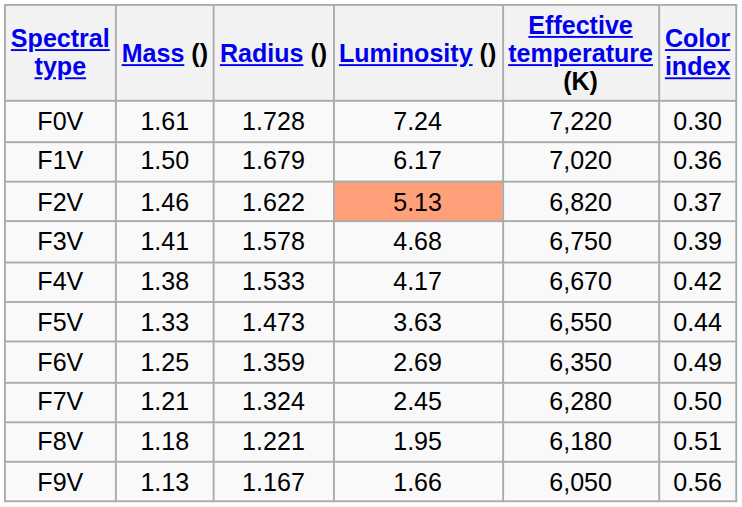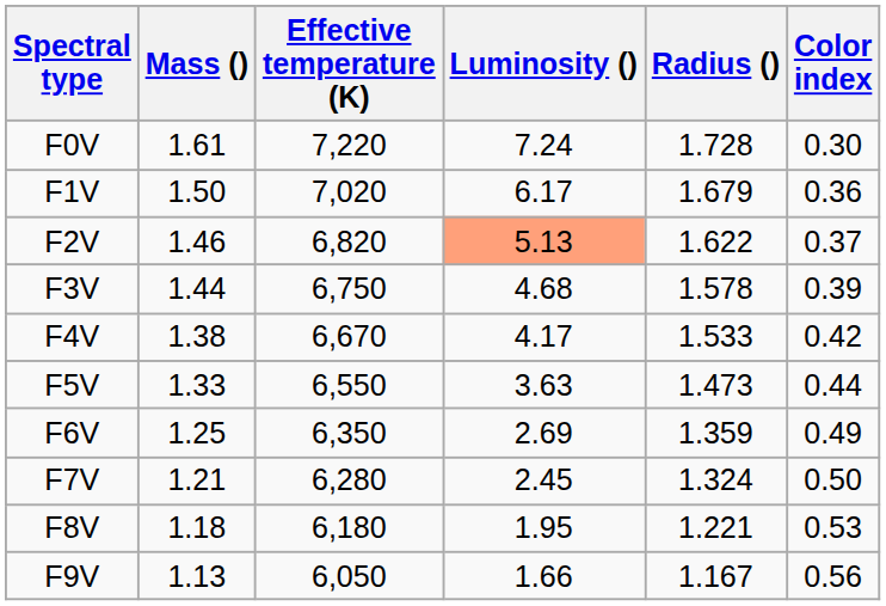 <table class="wikitable floatright" style="text-align:center; font-size:smaller;">
 <tr>
 <th><a href='#'>Spectral<br>type</a></th>
 <th><a href='#'>Mass</a> ()</th>
+<th><a href='#'>Effective<br>temperature</a><br>(K)</th>
+<th><a href='#'>Luminosity</a> ()</th>
 <th><a href='#'>Radius</a> ()</th>
-<th><a href='#'>Luminosity</a> ()</th>
-<th><a href='#'>Effective<br>temperature</a><br>(K)</th>
 <th><a href='#'>Color<br>index</a><br></th>
 </tr>
 <tr>
 <td>F0V</td>
 <td>1.61</td>
+<td style="background-color:#">7,220</td>
+<td>7.24</td>
 <td>1.728</td>
-<td>7.24</td>
-<td style="background-color:#">7,220</td>
 <td>0.30</td>
 </tr>
 <tr>
 <td>F1V</td>
 <td>1.50</td>
+<td style="background-color:#">7,020</td>
+<td>6.17</td>
 <td>1.679</td>
-<td>6.17</td>
-<td style="background-color:#">7,020</td>
 <td>0.36</td>
 </tr>
 <tr>
 <td>F2V</td>
 <td>1.46</td>
+<td style="background-color:#">6,820</td>
+<td style="background: lightsalmon;">5.13</td>
 <td>1.622</td>
-<td style="background: lightsalmon;">5.13</td>
-<td style="background-color:#">6,820</td>
 <td>0.37</td>
 </tr>
 <tr>
 <td>F3V</td>
-<td>1.41</td>
+<td>1.44</td>
+<td style="background-color:#">6,750</td>
+<td>4.68</td>
 <td>1.578</td>
-<td>4.68</td>
-<td style="background-color:#">6,750</td>
 <td>0.39</td>
 </tr>
 <tr>
 <td>F4V</td>
 <td>1.38</td>
+<td style="background-color:#">6,670</td>
+<td>4.17</td>
 <td>1.533</td>
-<td>4.17</td>
-<td style="background-color:#">6,670</td>
 <td>0.42</td>
 </tr>
 <tr>
 <td>F5V</td>
 <td>1.33</td>
+<td style="background-color:#">6,550</td>
+<td>3.63</td>
 <td>1.473</td>
-<td>3.63</td>
-<td style="background-color:#">6,550</td>
 <td>0.44</td>
 </tr>
 <tr>
 <td>F6V</td>
 <td>1.25</td>
+<td style="background-color:#">6,350</td>
+<td>2.69</td>
 <td>1.359</td>
-<td>2.69</td>
-<td style="background-color:#">6,350</td>
 <td>0.49</td>
 </tr>
 <tr>
 <td>F7V</td>
 <td>1.21</td>
+<td style="background-color:#">6,280</td>
+<td>2.45</td>
 <td>1.324</td>
-<td>2.45</td>
-<td style="background-color:#">6,280</td>
 <td>0.50</td>
 </tr>
 <tr>
 <td>F8V</td>
 <td>1.18</td>
+<td style="background-color:#">6,180</td>
+<td>1.95</td>
 <td>1.221</td>
-<td>1.95</td>
-<td style="background-color:#">6,180</td>
-<td>0.51</td>
+<td>0.53</td>
 </tr>
 <tr>
 <td>F9V</td>
 <td>1.13</td>
+<td style="background-color:#">6,050</td>
+<td>1.66</td>
 <td>1.167</td>
-<td>1.66</td>
-<td style="background-color:#">6,050</td>
 <td>0.56</td>
 </tr>
 </table>
